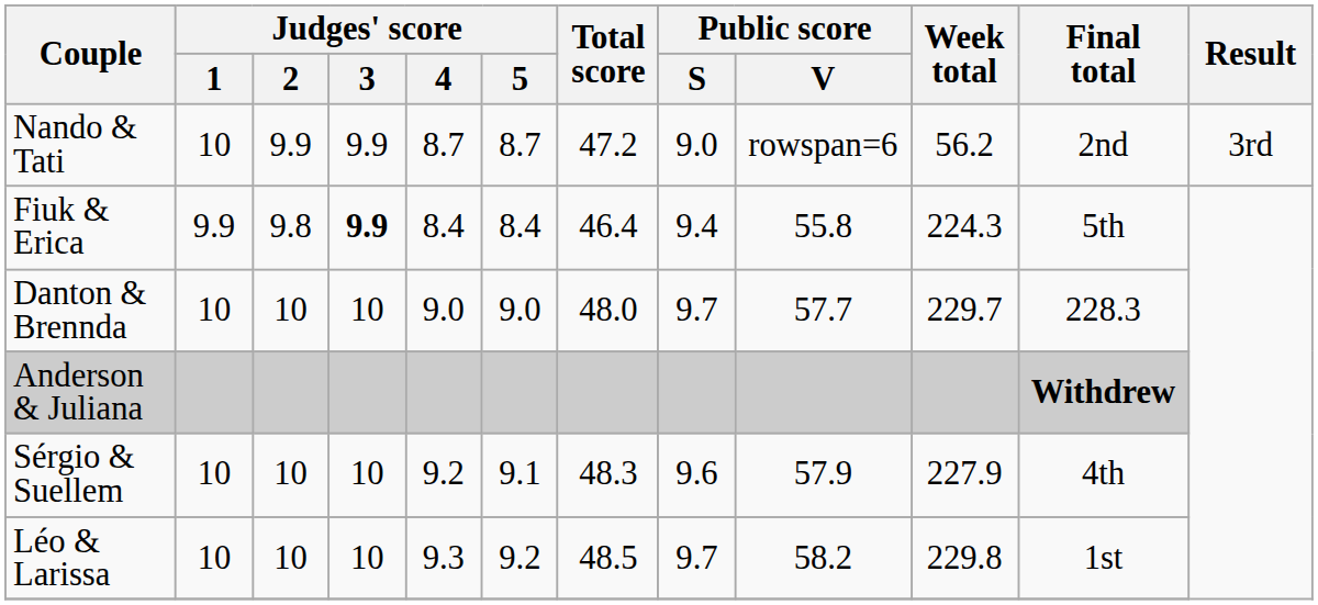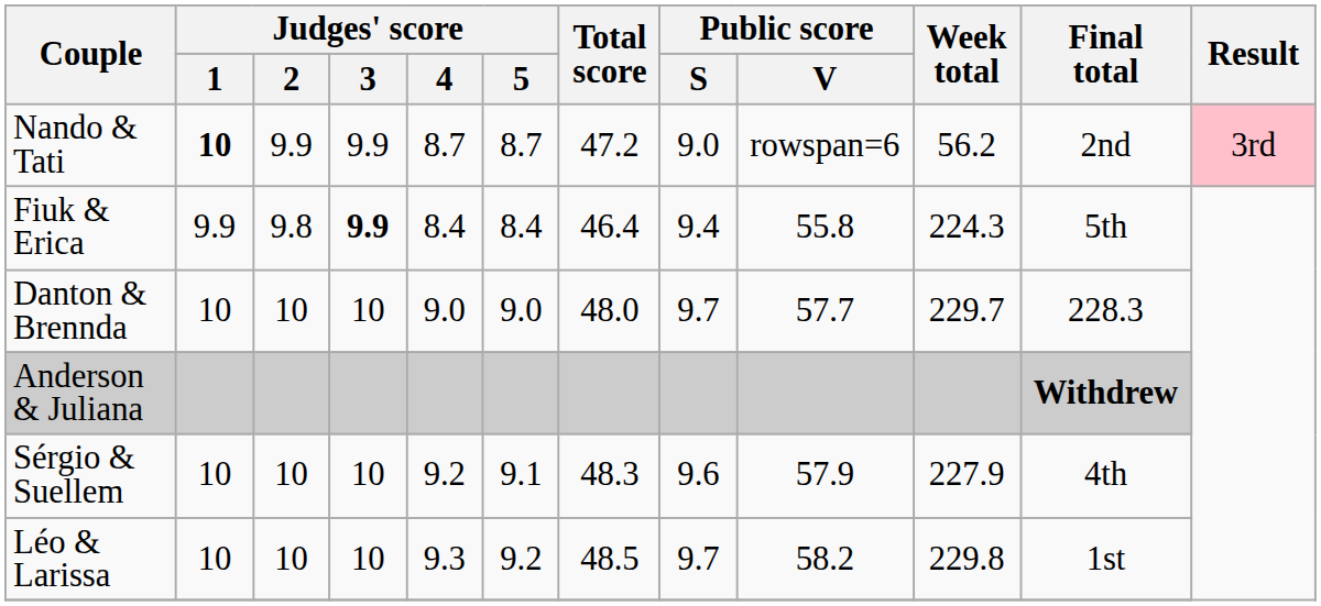 <table class="wikitable" style="font-size:100%; line-height:16px; text-align:center" width="100%">
 <tr>
 <th rowspan=2 width="11.0%">Couple</th>
 <th colspan=5 width="25.0%">Judges' score</th>
 <th rowspan=2 width="05.0%">Total score</th>
 <th colspan=2 width="10.0%">Public score</th>
 <th rowspan=2 width="05.0%">Week<br>total</th>
 <th rowspan=2 width="05.0%">Final<br>total</th>
 <th rowspan=2 width="07.5%">Result</th>
 </tr>
 <tr>
 <th width="05.0%">1</th>
 <th width="05.0%">2</th>
 <th width="05.0%">3</th>
 <th width="05.0%">4</th>
 <th width="05.0%">5</th>
 <th width="05.0%">S</th>
 <th width="05.0%">V</th>
 </tr>
 <tr>
 <td align="left">Nando & Tati</td>
-<td>10</td>
+<td><strong>10</strong></td>
 <td>9.9</td>
 <td>9.9</td>
 <td>8.7</td>
 <td>8.7</td>
 <td>47.2</td>
 <td>9.0</td>
 <td>rowspan=6 </td>
 <td>56.2</td>
 <td>2nd</td>
-<td>3rd</td>
+<td style="background: pink;">3rd</td>
 </tr>
 <tr>
 <td align="left">Fiuk & Erica</td>
 <td>9.9</td>
 <td>9.8</td>
 <td><strong>9.9</strong></td>
 <td>8.4</td>
 <td>8.4</td>
 <td>46.4</td>
 <td>9.4</td>
 <td>55.8</td>
 <td>224.3</td>
 <td>5th</td>
 </tr>
 <tr>
 <td align="left">Danton & Brennda</td>
 <td>10</td>
 <td>10</td>
 <td>10</td>
 <td>9.0</td>
 <td>9.0</td>
 <td>48.0</td>
 <td>9.7</td>
 <td>57.7</td>
 <td>229.7</td>
 <td>228.3</td>
 </tr>
 <tr bgcolor=CCCCCC>
 <td align="left">Anderson & Juliana</td>
 <td></td>
 <td></td>
 <td></td>
 <td></td>
 <td></td>
 <td></td>
 <td></td>
 <td></td>
 <td></td>
 <td><strong>Withdrew</strong></td>
 </tr>
 <tr>
 <td align="left">Sérgio & Suellem</td>
 <td>10</td>
 <td>10</td>
 <td>10</td>
 <td>9.2</td>
 <td>9.1</td>
 <td>48.3</td>
 <td>9.6</td>
 <td>57.9</td>
 <td>227.9</td>
 <td>4th</td>
 </tr>
 <tr>
 <td align="left">Léo & Larissa</td>
 <td>10</td>
 <td>10</td>
 <td>10</td>
 <td>9.3</td>
 <td>9.2</td>
 <td>48.5</td>
 <td>9.7</td>
 <td>58.2</td>
 <td>229.8</td>
 <td>1st</td>
 </tr>
 <tr>
 </tr>
 </table>
